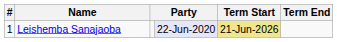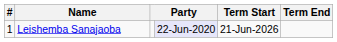 <table class="wikitable sortable">
 <tr>
 <th>#</th>
 <th style="width:200px">Name</th>
 <th colspan="2">Party</th>
 <th>Term Start</th>
 <th>Term End</th>
 </tr>
 <tr>
 <td>1</td>
 <td><a href='#'>Leishemba Sanajaoba</a></td>
 <td></td>
 <td style="background: lavender;">22-Jun-2020</td>
-<td style="background: khaki;">21-Jun-2026</td>
+<td>21-Jun-2026</td>
 </tr>
 </table>
